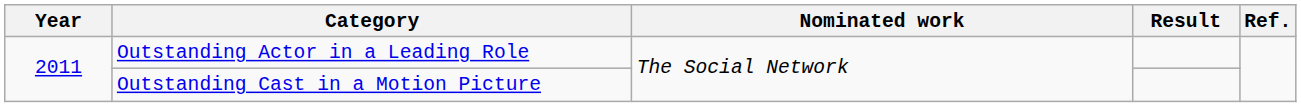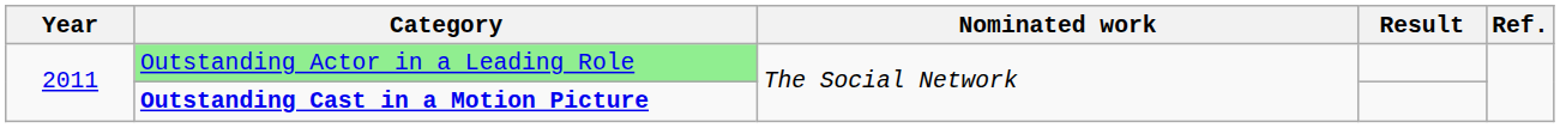 <table class=wikitable>
 <tr>
 <th scope="col" style="width:5em;">Year</th>
 <th scope="col" style="width:26em;">Category</th>
 <th scope="col" style="width:25em;">Nominated work</th>
 <th scope="col" style="width:5em;">Result</th>
 <th>Ref.</th>
 </tr>
 <tr>
 <td style="text-align:center;", rowspan=2><a href='#'>2011</a></td>
-<td><a href='#'>Outstanding Actor in a Leading Role</a></td>
+<td style="background: lightgreen;"><a href='#'>Outstanding Actor in a Leading Role</a></td>
 <td rowspan=2><em>The Social Network</em></td>
 <td></td>
 <td rowspan=2></td>
 </tr>
 <tr>
-<td><a href='#'>Outstanding Cast in a Motion Picture</a></td>
+<td><strong><a href='#'>Outstanding Cast in a Motion Picture</a></strong></td>
 <td></td>
 </tr>
 </table>
